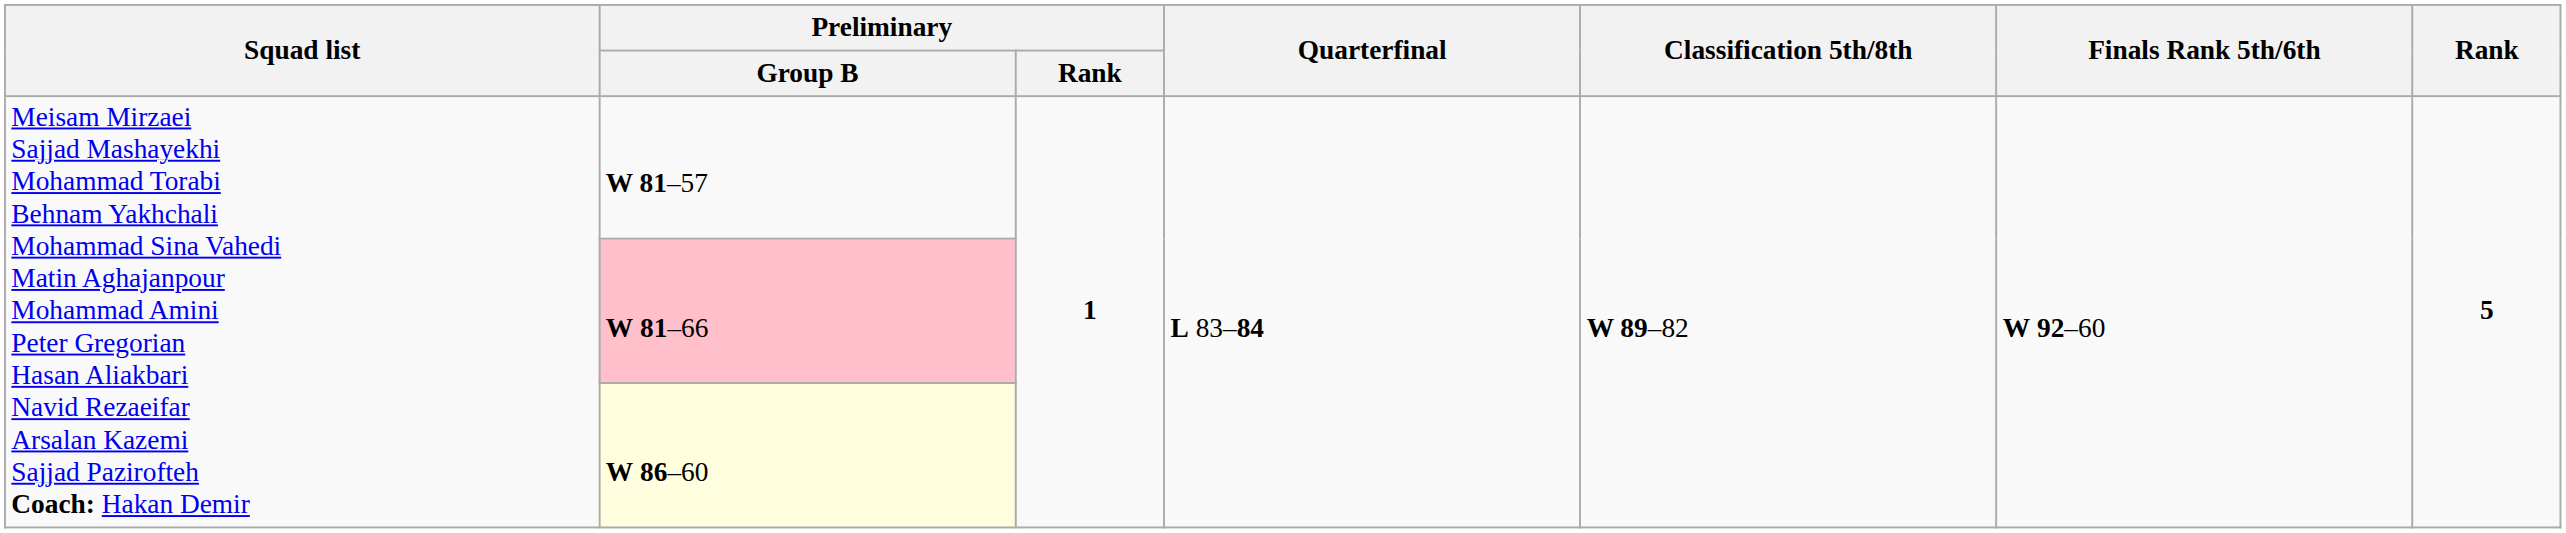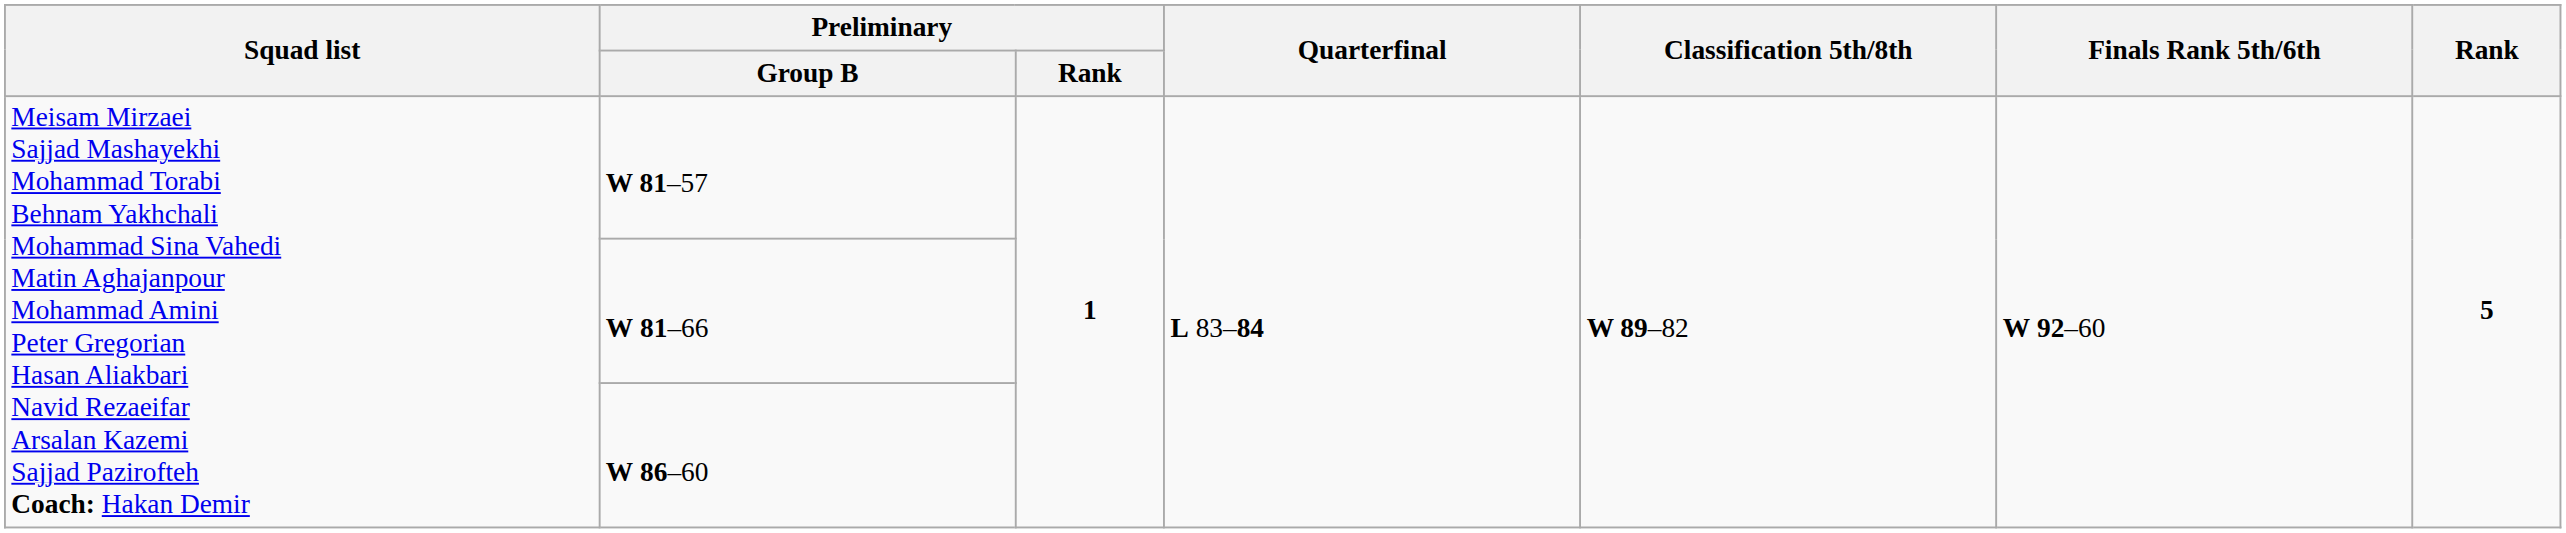 <table class="wikitable" width="85%" style="text-align:left; font-size:90%">
 <tr>
 <th rowspan="2" width="20%">Squad list</th>
 <th colspan="2">Preliminary</th>
 <th rowspan="2" width="14%">Quarterfinal</th>
 <th rowspan="2" width="14%">Classification 5th/8th</th>
 <th rowspan="2" width="14%">Finals Rank 5th/6th</th>
 <th rowspan="2" width="5%">Rank</th>
 </tr>
 <tr>
 <th width="14%">Group B</th>
 <th width="5%">Rank</th>
 </tr>
 <tr>
 <td rowspan="3"><a href='#'>Meisam Mirzaei</a><br><a href='#'>Sajjad Mashayekhi</a><br><a href='#'>Mohammad Torabi</a><br><a href='#'>Behnam Yakhchali</a><br><a href='#'>Mohammad Sina Vahedi</a><br><a href='#'>Matin Aghajanpour</a><br><a href='#'>Mohammad Amini</a><br><a href='#'>Peter Gregorian</a><br><a href='#'>Hasan Aliakbari</a><br><a href='#'>Navid Rezaeifar</a><br><a href='#'>Arsalan Kazemi</a><br><a href='#'>Sajjad Pazirofteh</a><br> <strong>Coach:</strong>  <a href='#'>Hakan Demir</a></td>
 <td><br><strong>W 81</strong>–57</td>
 <td rowspan="3" align=center><strong>1</strong> <strong></strong></td>
 <td rowspan="3"><br><strong>L</strong> 83–<strong>84</strong></td>
 <td rowspan="3"><br><strong>W 89</strong>–82</td>
 <td colspan="1" rowspan="3"><br><strong>W</strong> <strong>92</strong>–60</td>
 <td rowspan="3" align="center"><strong>5</strong></td>
 </tr>
 <tr>
-<td style="background: pink;"><br><strong>W</strong> <strong>81</strong>–66</td>
+<td><br><strong>W</strong> <strong>81</strong>–66</td>
 </tr>
 <tr>
-<td style="background: lightyellow;"><br><strong>W</strong> <strong>86</strong>–60</td>
+<td><br><strong>W</strong> <strong>86</strong>–60</td>
 </tr>
 </table>
